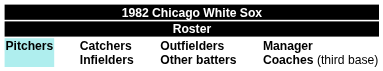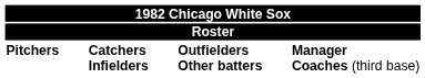 <table class="toccolours" style="font-size: 95%;">
 <tr>
 <th colspan="10" style="background-color: black; color: white; text-align: center;">1982 Chicago White Sox</th>
 </tr>
 <tr>
 <td colspan="10" style="background-color: black; color: white; text-align: center;"><strong>Roster</strong></td>
 </tr>
 <tr>
-<td valign="top" style="background: paleturquoise;"><strong>Pitchers</strong><br>               </td>
+<td valign="top"><strong>Pitchers</strong><br>               </td>
 <td width="25px"></td>
 <td valign="top"><strong>Catchers</strong><br>   <strong>Infielders</strong>           </td>
 <td width="25px"></td>
 <td valign="top"><strong>Outfielders</strong><br>       <strong>Other batters</strong>  </td>
 <td width="25px"></td>
 <td valign="top"><strong>Manager</strong><br> <strong>Coaches</strong>     (third base)  </td>
 </tr>
 </table>
